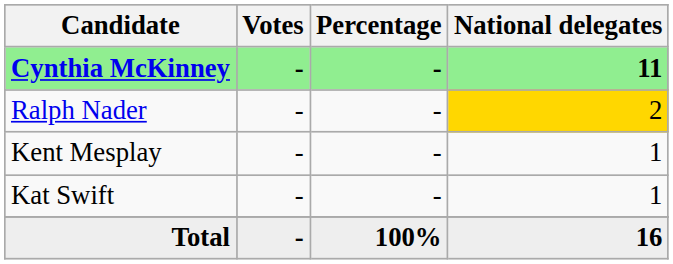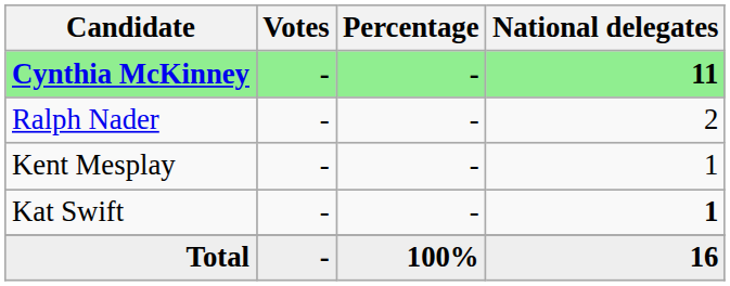 <table class="wikitable" style="text-align:right;">
 <tr>
 <th>Candidate</th>
 <th>Votes</th>
 <th>Percentage</th>
 <th>National delegates</th>
 </tr>
 <tr style="background:lightgreen;">
 <td style="text-align:left;"><strong><a href='#'>Cynthia McKinney</a></strong></td>
 <td><strong>-</strong></td>
 <td><strong>-</strong></td>
 <td><strong>11</strong></td>
 </tr>
 <tr>
 <td style="text-align:left;"><a href='#'>Ralph Nader</a></td>
 <td>-</td>
 <td>-</td>
-<td style="background: gold;">2</td>
+<td>2</td>
 </tr>
 <tr>
 <td style="text-align:left;">Kent Mesplay</td>
 <td>-</td>
 <td>-</td>
 <td>1</td>
 </tr>
 <tr>
 <td style="text-align:left;">Kat Swift</td>
 <td>-</td>
 <td>-</td>
-<td>1</td>
+<td><strong>1</strong></td>
 </tr>
 <tr>
 </tr>
 <tr style="background:#eee;">
 <td style="margin-right:0.50px"><strong>Total</strong></td>
 <td style="margin-right:0.50px"><strong>-</strong></td>
 <td style="margin-right:0.50px"><strong>100%</strong></td>
 <td style="margin-right:0.50px"><strong>16</strong></td>
 </tr>
 </table>
